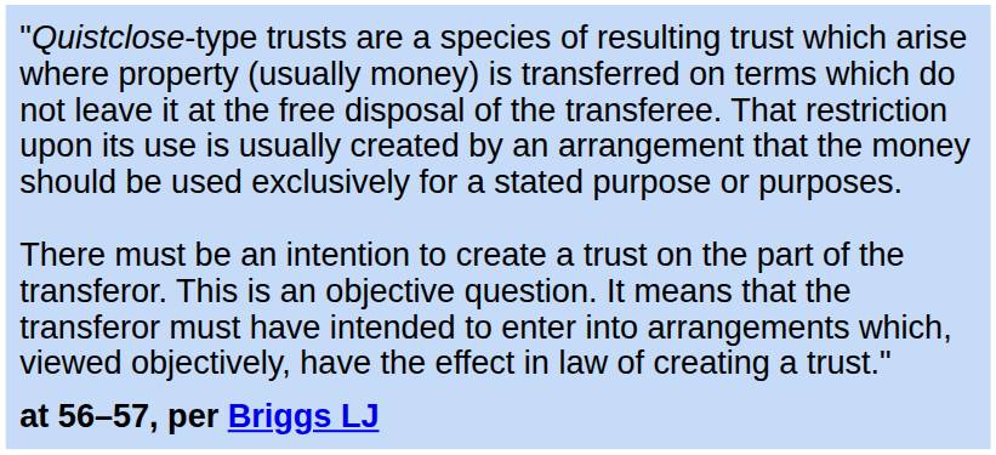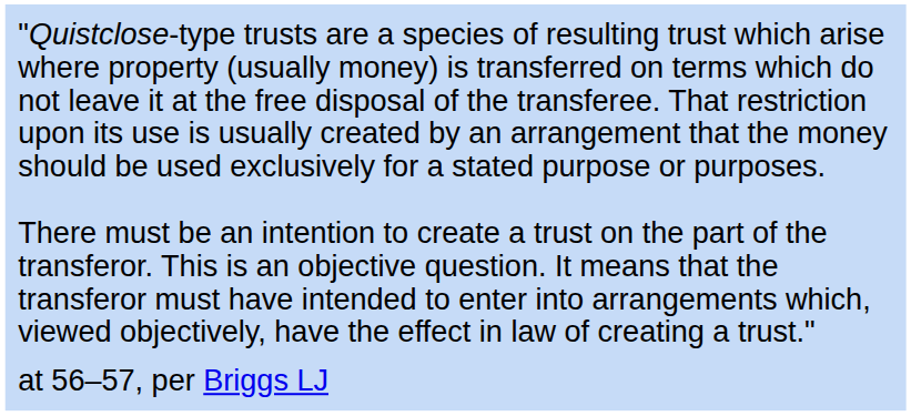 <table class="toccolours" style="float: right; margin-left: 1em; margin-right: 2em; font-size: 85%; background:#c6dbf7; color:black; width:30em; max-width: 40%;" cellspacing="5">
 <tr>
 <td style="text-align: left;">"<em>Quistclose</em>-type trusts are a species of resulting trust which arise where property (usually money) is transferred on terms which do not leave it at the free disposal of the transferee. That restriction upon its use is usually created by an arrangement that the money should be used exclusively for a stated purpose or purposes.<br><br>There must be an intention to create a trust on the part of the transferor. This is an objective question. It means that the transferor must have intended to enter into arrangements which, viewed objectively, have the effect in law of creating a trust."</td>
 </tr>
 <tr>
-<td style="text-align: left;"><strong> at 56–57, per <a href='#'>Briggs LJ</a></strong></td>
+<td style="text-align: left;"> at 56–57, per <a href='#'>Briggs LJ</a></td>
 </tr>
 </table>
